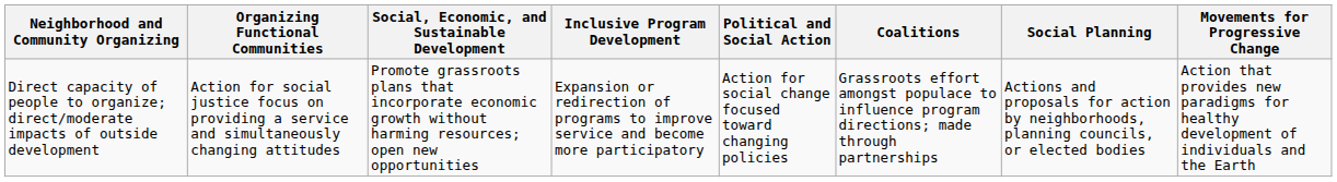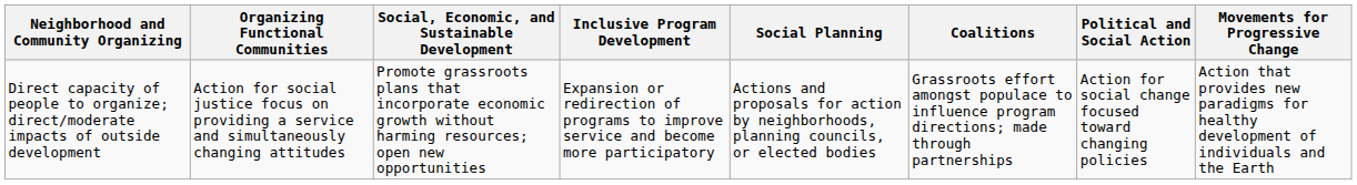 <table class="wikitable">
 <tr>
 <th>Neighborhood and Community Organizing</th>
 <th>Organizing Functional Communities</th>
 <th>Social, Economic, and Sustainable Development</th>
 <th>Inclusive Program Development</th>
+<th>Social Planning</th>
+<th>Coalitions</th>
 <th>Political and Social Action</th>
-<th>Coalitions</th>
-<th>Social Planning</th>
 <th>Movements for Progressive Change</th>
 </tr>
 <tr>
 <td>Direct capacity of people to organize; direct/moderate impacts of outside development</td>
 <td>Action for social justice focus on providing a service and simultaneously changing attitudes</td>
 <td>Promote grassroots plans that incorporate economic growth without harming resources; open new opportunities</td>
 <td>Expansion or redirection of programs to improve service and become more participatory</td>
+<td>Actions and proposals for action by neighborhoods, planning councils, or elected bodies</td>
+<td>Grassroots effort amongst populace to influence program directions; made through partnerships</td>
 <td>Action for social change focused toward changing policies</td>
-<td>Grassroots effort amongst populace to influence program directions; made through partnerships</td>
-<td>Actions and proposals for action by neighborhoods, planning councils, or elected bodies</td>
 <td>Action that provides new paradigms for healthy development of individuals and the Earth</td>
 </tr>
 </table>
